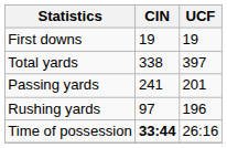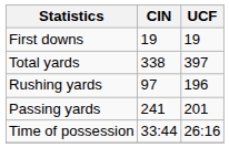 <table class="wikitable" style="float: right;">
 <tr>
 <th>Statistics</th>
 <th>CIN</th>
 <th>UCF</th>
 </tr>
 <tr>
 <td>First downs</td>
 <td>19</td>
 <td>19</td>
 </tr>
 <tr>
 <td>Total yards</td>
 <td>338</td>
 <td>397</td>
 </tr>
 <tr>
+<td>Rushing yards</td>
+<td>97</td>
+<td>196</td>
+</tr>
+<tr>
 <td>Passing yards</td>
 <td>241</td>
 <td>201</td>
 </tr>
 <tr>
-<td>Rushing yards</td>
-<td>97</td>
-<td>196</td>
-</tr>
-<tr>
 <td>Time of possession</td>
-<td><strong>33:44</strong></td>
+<td>33:44</td>
 <td>26:16</td>
 </tr>
 <tr>
 </tr>
 </table>
